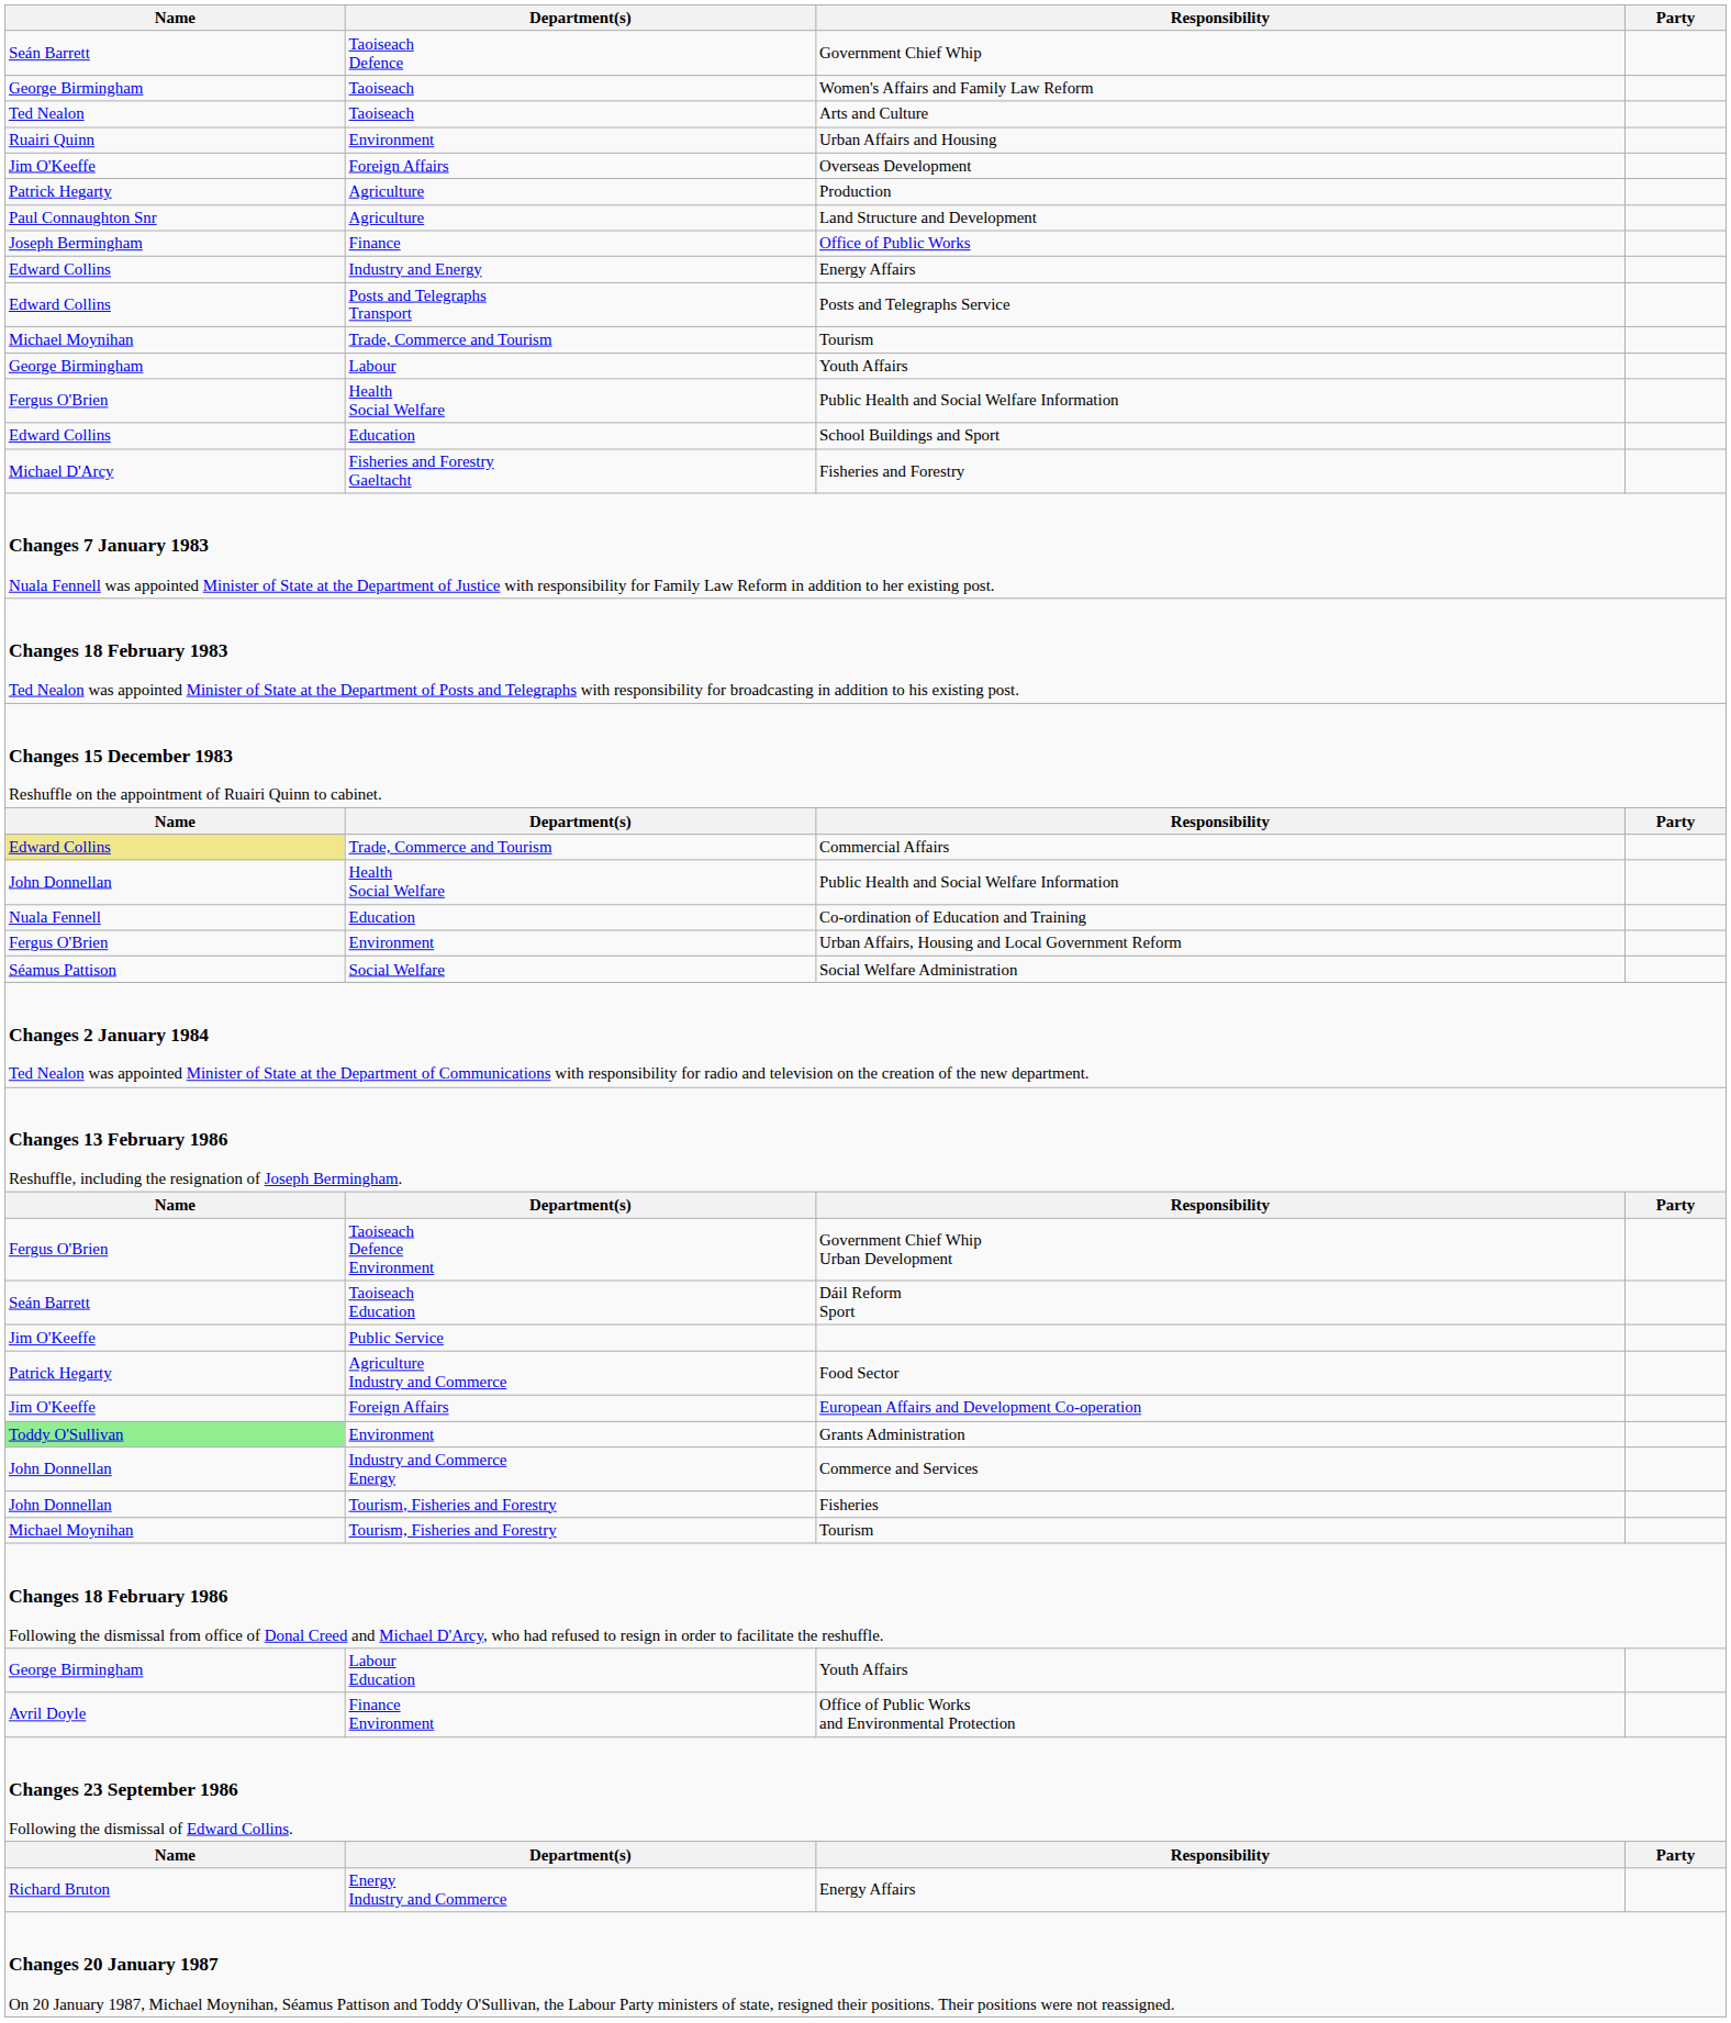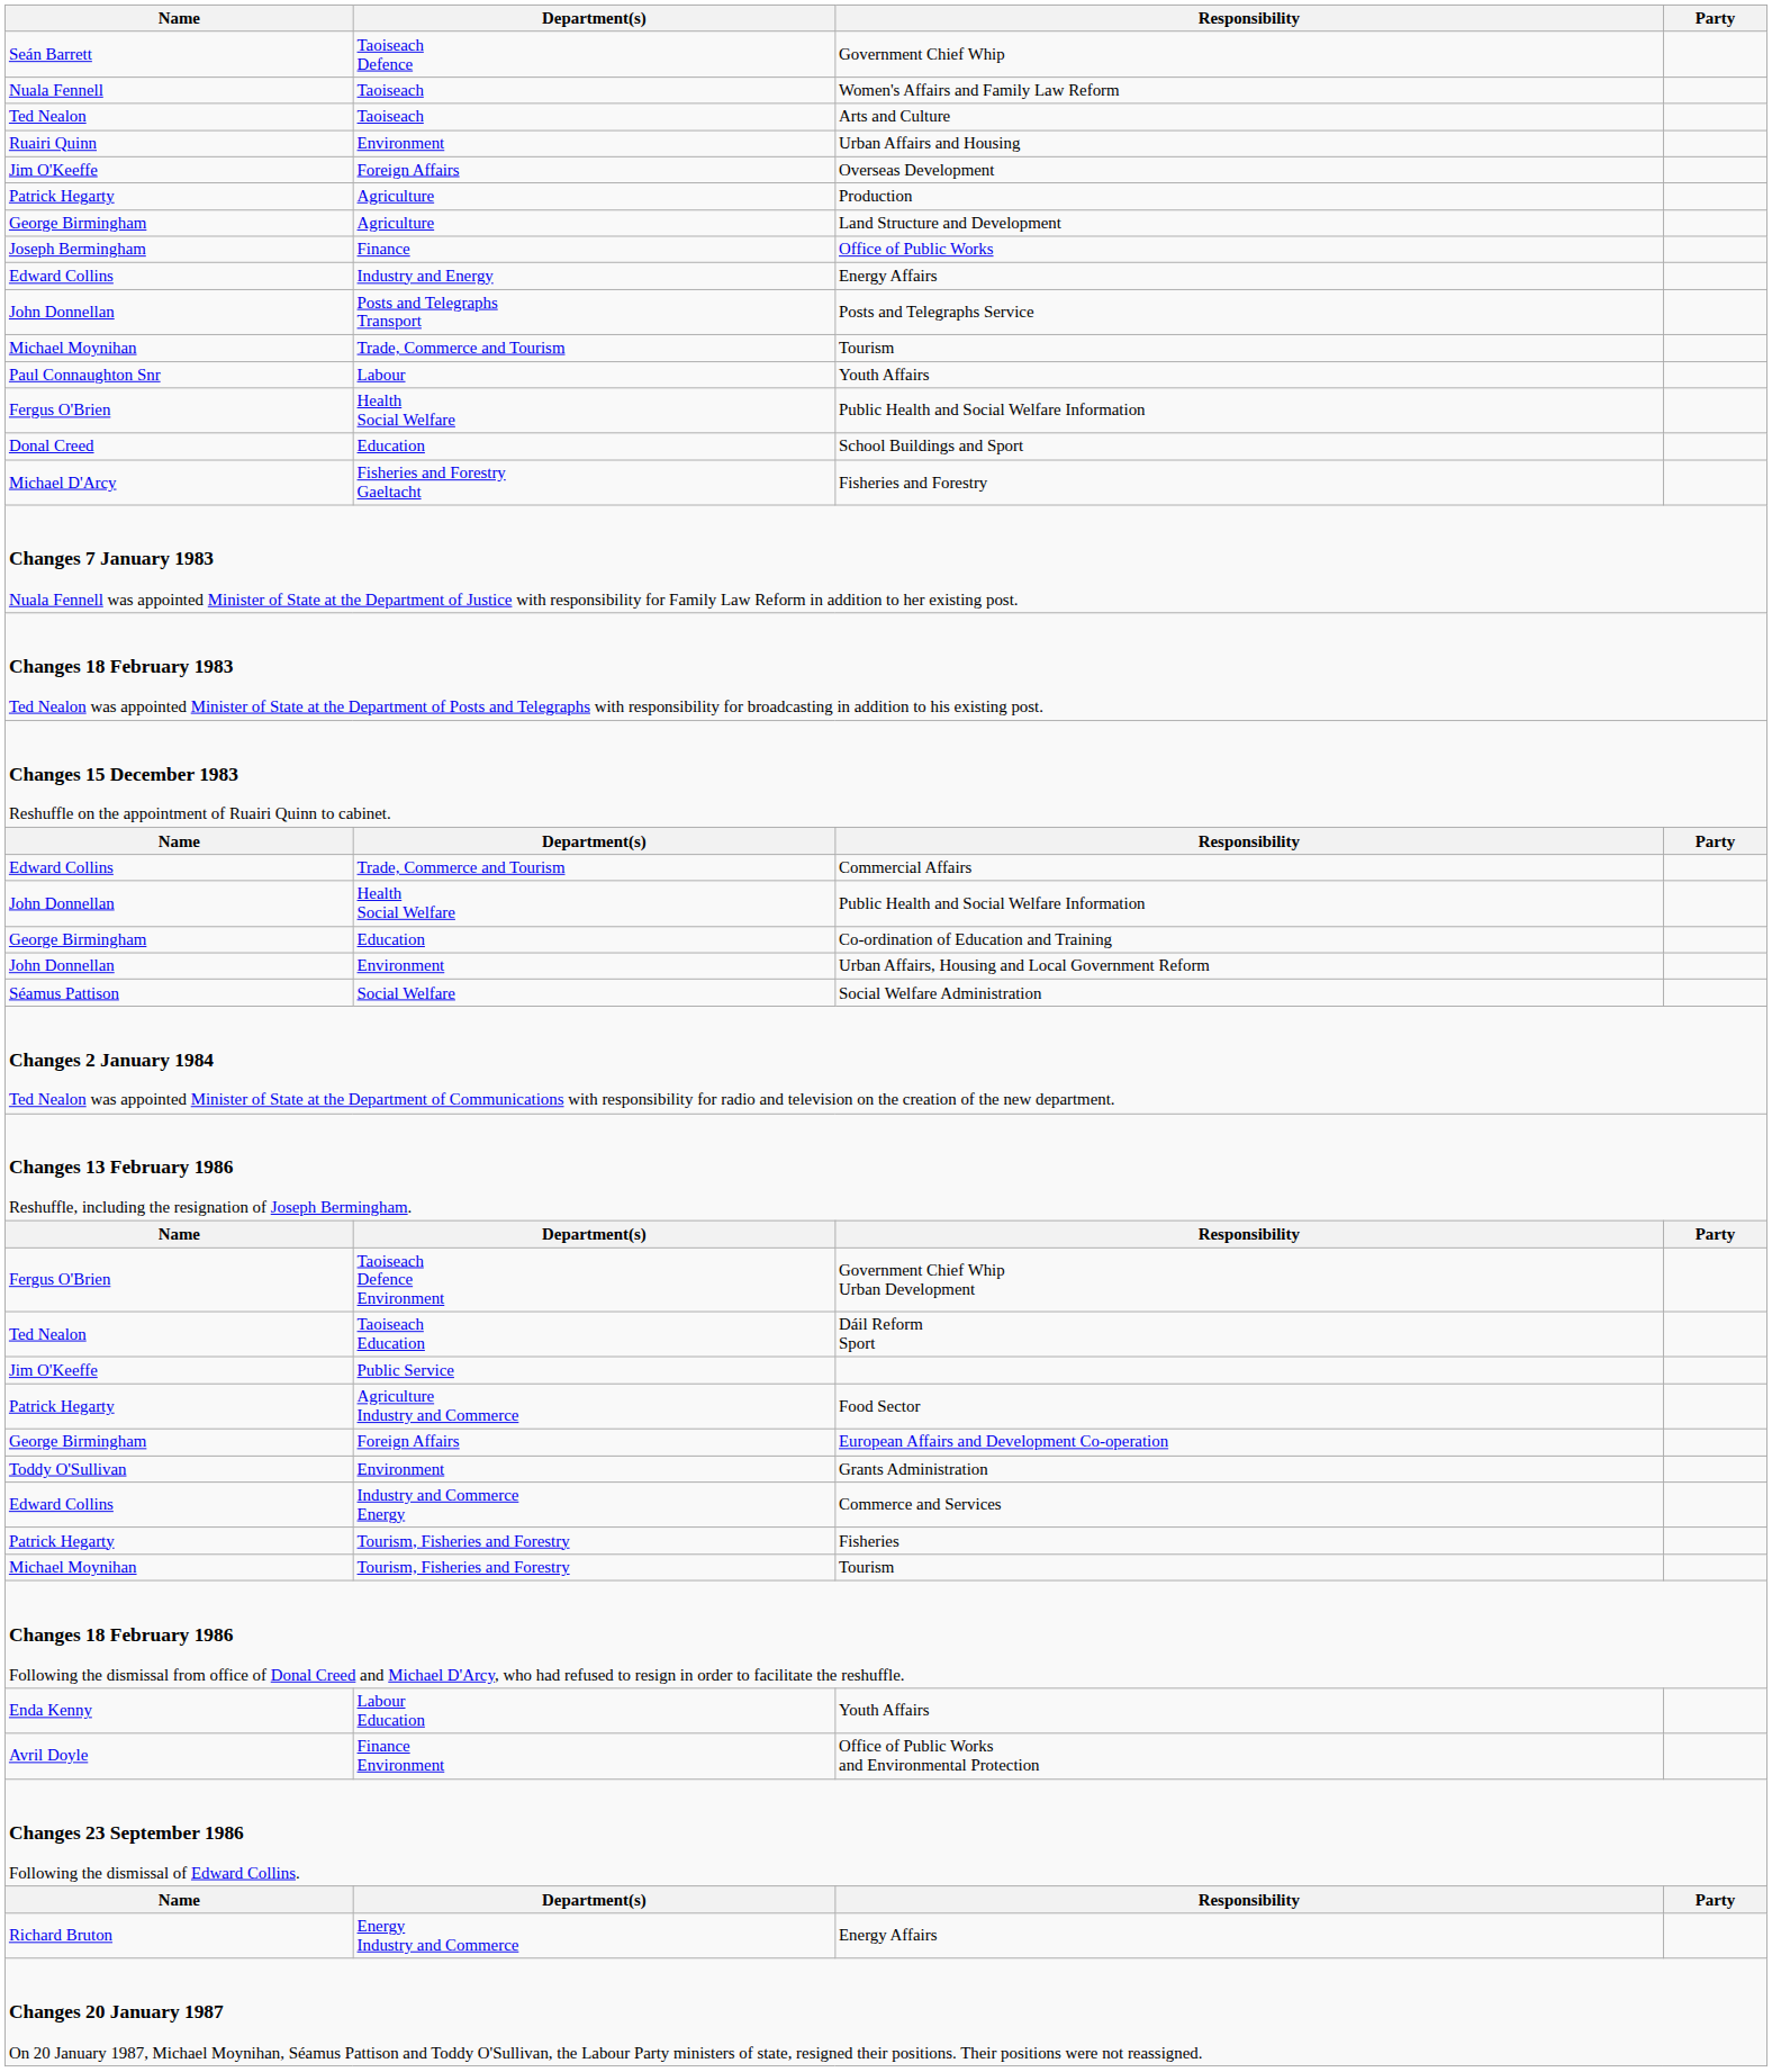 <table class="wikitable" width=85%>
 <tr>
 <th>Name</th>
 <th>Department(s)</th>
 <th>Responsibility</th>
 <th colspan=2>Party</th>
 </tr>
 <tr>
 <td><a href='#'>Seán Barrett</a></td>
 <td><a href='#'>Taoiseach</a><br><a href='#'>Defence</a></td>
 <td>Government Chief Whip</td>
 <td></td>
 </tr>
 <tr>
-<td><a href='#'>George Birmingham</a></td>
+<td><a href='#'>Nuala Fennell</a></td>
 <td><a href='#'>Taoiseach</a></td>
 <td>Women's Affairs and Family Law Reform</td>
 <td></td>
 </tr>
 <tr>
 <td><a href='#'>Ted Nealon</a></td>
 <td><a href='#'>Taoiseach</a></td>
 <td>Arts and Culture</td>
 <td></td>
 </tr>
 <tr>
 <td><a href='#'>Ruairi Quinn</a></td>
 <td><a href='#'>Environment</a></td>
 <td>Urban Affairs and Housing</td>
 <td></td>
 </tr>
 <tr>
 <td><a href='#'>Jim O'Keeffe</a></td>
 <td><a href='#'>Foreign Affairs</a></td>
 <td>Overseas Development</td>
 <td></td>
 </tr>
 <tr>
 <td><a href='#'>Patrick Hegarty</a></td>
 <td><a href='#'>Agriculture</a></td>
 <td>Production</td>
 <td></td>
 </tr>
 <tr>
-<td><a href='#'>Paul Connaughton Snr</a></td>
+<td><a href='#'>George Birmingham</a></td>
 <td><a href='#'>Agriculture</a></td>
 <td>Land Structure and Development</td>
 <td></td>
 </tr>
 <tr>
 <td><a href='#'>Joseph Bermingham</a></td>
 <td><a href='#'>Finance</a></td>
 <td><a href='#'>Office of Public Works</a></td>
 <td></td>
 </tr>
 <tr>
 <td><a href='#'>Edward Collins</a></td>
 <td><a href='#'>Industry and Energy</a></td>
 <td>Energy Affairs</td>
 <td></td>
 </tr>
 <tr>
-<td><a href='#'>Edward Collins</a></td>
+<td><a href='#'>John Donnellan</a></td>
 <td><a href='#'>Posts and Telegraphs</a><br><a href='#'>Transport</a></td>
 <td>Posts and Telegraphs Service</td>
 <td></td>
 </tr>
 <tr>
 <td><a href='#'>Michael Moynihan</a></td>
 <td><a href='#'>Trade, Commerce and Tourism</a></td>
 <td>Tourism</td>
 <td></td>
 </tr>
 <tr>
-<td><a href='#'>George Birmingham</a></td>
+<td><a href='#'>Paul Connaughton Snr</a></td>
 <td><a href='#'>Labour</a></td>
 <td>Youth Affairs</td>
 <td></td>
 </tr>
 <tr>
 <td><a href='#'>Fergus O'Brien</a></td>
 <td><a href='#'>Health</a><br><a href='#'>Social Welfare</a></td>
 <td>Public Health and Social Welfare Information</td>
 <td></td>
 </tr>
 <tr>
-<td><a href='#'>Edward Collins</a></td>
+<td><a href='#'>Donal Creed</a></td>
 <td><a href='#'>Education</a></td>
 <td>School Buildings and Sport</td>
 <td></td>
 </tr>
 <tr>
 <td><a href='#'>Michael D'Arcy</a></td>
 <td><a href='#'>Fisheries and Forestry</a><br><a href='#'>Gaeltacht</a></td>
 <td>Fisheries and Forestry</td>
 <td></td>
 </tr>
 <tr>
 <td colspan="5"><br><h3>Changes 7 January 1983</h3><a href='#'>Nuala Fennell</a> was appointed <a href='#'>Minister of State at the Department of Justice</a> with responsibility for Family Law Reform in addition to her existing post.</td>
 </tr>
 <tr>
 <td colspan="5"><br><h3>Changes 18 February 1983</h3><a href='#'>Ted Nealon</a> was appointed <a href='#'>Minister of State at the Department of Posts and Telegraphs</a> with responsibility for broadcasting in addition to his existing post.</td>
 </tr>
 <tr>
 <td colspan="5"><br><h3>Changes 15 December 1983</h3>Reshuffle on the appointment of Ruairi Quinn to cabinet.</td>
 </tr>
 <tr>
 <th>Name</th>
 <th>Department(s)</th>
 <th>Responsibility</th>
 <th colspan=2>Party</th>
 </tr>
 <tr>
-<td style="background: khaki;"><a href='#'>Edward Collins</a></td>
+<td><a href='#'>Edward Collins</a></td>
 <td><a href='#'>Trade, Commerce and Tourism</a></td>
 <td>Commercial Affairs</td>
 <td></td>
 </tr>
 <tr>
 <td><a href='#'>John Donnellan</a></td>
 <td><a href='#'>Health</a><br><a href='#'>Social Welfare</a></td>
 <td>Public Health and Social Welfare Information</td>
 <td></td>
 </tr>
 <tr>
-<td><a href='#'>Nuala Fennell</a></td>
+<td><a href='#'>George Birmingham</a></td>
 <td><a href='#'>Education</a></td>
 <td>Co-ordination of Education and Training</td>
 <td></td>
 </tr>
 <tr>
-<td><a href='#'>Fergus O'Brien</a></td>
+<td><a href='#'>John Donnellan</a></td>
 <td><a href='#'>Environment</a></td>
 <td>Urban Affairs, Housing and Local Government Reform</td>
 <td></td>
 </tr>
 <tr>
 <td><a href='#'>Séamus Pattison</a></td>
 <td><a href='#'>Social Welfare</a></td>
 <td>Social Welfare Administration</td>
 <td></td>
 </tr>
 <tr>
 <td colspan="5"><br><h3>Changes 2 January 1984</h3><a href='#'>Ted Nealon</a> was appointed <a href='#'>Minister of State at the Department of Communications</a> with responsibility for radio and television on the creation of the new department.</td>
 </tr>
 <tr>
 <td colspan="5"><br><h3>Changes 13 February 1986</h3>Reshuffle, including the resignation of <a href='#'>Joseph Bermingham</a>.</td>
 </tr>
 <tr>
 <th>Name</th>
 <th>Department(s)</th>
 <th>Responsibility</th>
 <th colspan=2>Party</th>
 </tr>
 <tr>
 <td><a href='#'>Fergus O'Brien</a></td>
 <td><a href='#'>Taoiseach</a><br><a href='#'>Defence</a><br><a href='#'>Environment</a></td>
 <td>Government Chief Whip<br>Urban Development</td>
 <td></td>
 </tr>
 <tr>
-<td><a href='#'>Seán Barrett</a></td>
+<td><a href='#'>Ted Nealon</a></td>
 <td><a href='#'>Taoiseach</a><br><a href='#'>Education</a></td>
 <td>Dáil Reform<br>Sport</td>
 <td></td>
 </tr>
 <tr>
 <td><a href='#'>Jim O'Keeffe</a></td>
 <td><a href='#'>Public Service</a></td>
 <td></td>
 <td></td>
 </tr>
 <tr>
 <td><a href='#'>Patrick Hegarty</a></td>
 <td><a href='#'>Agriculture</a><br><a href='#'>Industry and Commerce</a></td>
 <td>Food Sector</td>
 <td></td>
 </tr>
 <tr>
-<td><a href='#'>Jim O'Keeffe</a></td>
+<td><a href='#'>George Birmingham</a></td>
 <td><a href='#'>Foreign Affairs</a></td>
 <td><a href='#'>European Affairs and Development Co-operation</a></td>
 <td></td>
 </tr>
 <tr>
-<td style="background: lightgreen;"><a href='#'>Toddy O'Sullivan</a></td>
+<td><a href='#'>Toddy O'Sullivan</a></td>
 <td><a href='#'>Environment</a></td>
 <td>Grants Administration</td>
 <td></td>
 </tr>
 <tr>
-<td><a href='#'>John Donnellan</a></td>
+<td><a href='#'>Edward Collins</a></td>
 <td><a href='#'>Industry and Commerce</a><br><a href='#'>Energy</a></td>
 <td>Commerce and Services</td>
 <td></td>
 </tr>
 <tr>
-<td><a href='#'>John Donnellan</a></td>
+<td><a href='#'>Patrick Hegarty</a></td>
 <td><a href='#'>Tourism, Fisheries and Forestry</a></td>
 <td>Fisheries</td>
 <td></td>
 </tr>
 <tr>
 <td><a href='#'>Michael Moynihan</a></td>
 <td><a href='#'>Tourism, Fisheries and Forestry</a></td>
 <td>Tourism</td>
 <td></td>
 </tr>
 <tr>
 <td colspan="5"><br><h3>Changes 18 February 1986</h3>Following the dismissal from office of <a href='#'>Donal Creed</a> and <a href='#'>Michael D'Arcy</a>, who had refused to resign in order to facilitate the reshuffle.</td>
 </tr>
 <tr>
-<td><a href='#'>George Birmingham</a></td>
+<td><a href='#'>Enda Kenny</a></td>
 <td><a href='#'>Labour</a><br><a href='#'>Education</a></td>
 <td>Youth Affairs</td>
 <td></td>
 </tr>
 <tr>
 <td><a href='#'>Avril Doyle</a></td>
 <td><a href='#'>Finance</a><br><a href='#'>Environment</a></td>
 <td>Office of Public Works<br>and Environmental Protection</td>
 <td></td>
 </tr>
 <tr>
 <td colspan="5"><br><h3>Changes 23 September 1986</h3>Following the dismissal of <a href='#'>Edward Collins</a>.</td>
 </tr>
 <tr>
 <th>Name</th>
 <th>Department(s)</th>
 <th>Responsibility</th>
 <th colspan=2>Party</th>
 </tr>
 <tr>
 <td><a href='#'>Richard Bruton</a></td>
 <td><a href='#'>Energy</a><br><a href='#'>Industry and Commerce</a></td>
 <td>Energy Affairs</td>
 <td></td>
 </tr>
 <tr>
 <td colspan="5"><br><h3>Changes 20 January 1987</h3>On 20 January 1987, Michael Moynihan, Séamus Pattison and Toddy O'Sullivan, the Labour Party ministers of state, resigned their positions. Their positions were not reassigned.</td>
 </tr>
 </table>
